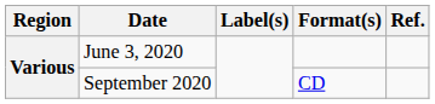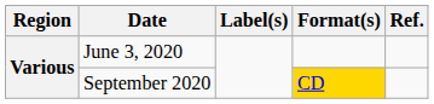 <table class="wikitable plainrowheaders">
 <tr>
 <th scope="col">Region</th>
 <th scope="col">Date</th>
 <th scope="col">Label(s)</th>
 <th scope="col">Format(s)</th>
 <th scope="col">Ref.</th>
 </tr>
 <tr>
 <th scope="row" rowspan="2">Various</th>
 <td>June 3, 2020</td>
 <td rowspan="2"></td>
 <td></td>
 <td></td>
 </tr>
 <tr>
 <td>September 2020</td>
-<td><a href='#'>CD</a></td>
+<td style="background: gold;"><a href='#'>CD</a></td>
 <td></td>
 </tr>
 </table>
